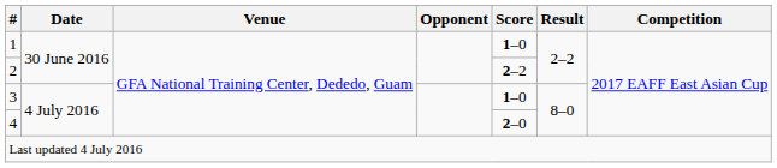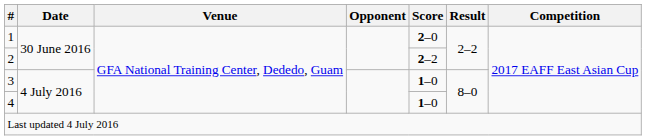 <table class="wikitable" style="font-size:95%">
 <tr>
 <th>#</th>
 <th>Date</th>
 <th>Venue</th>
 <th>Opponent</th>
 <th>Score</th>
 <th>Result</th>
 <th>Competition</th>
 </tr>
 <tr>
 <td>1</td>
 <td rowspan=2>30 June 2016</td>
 <td rowspan=4><a href='#'>GFA National Training Center</a>, <a href='#'>Dededo</a>, <a href='#'>Guam</a></td>
 <td rowspan=2></td>
-<td style="text-align:center;"><strong>1</strong>–0</td>
+<td style="text-align:center;"><strong>2</strong>–0</td>
 <td rowspan=2 style="text-align:center;">2–2</td>
 <td rowspan=4><a href='#'>2017 EAFF East Asian Cup</a></td>
 </tr>
 <tr>
 <td>2</td>
 <td style="text-align:center;"><strong>2</strong>–2</td>
 </tr>
 <tr>
 <td>3</td>
 <td rowspan=2>4 July 2016</td>
 <td rowspan=2></td>
 <td style="text-align:center;"><strong>1</strong>–0</td>
 <td rowspan=2 style="text-align:center;">8–0</td>
 </tr>
 <tr>
 <td>4</td>
-<td style="text-align:center;"><strong>2</strong>–0</td>
+<td style="text-align:center;"><strong>1</strong>–0</td>
 </tr>
 <tr>
 <td colspan="7"><small>Last updated 4 July 2016</small></td>
 </tr>
 </table>
